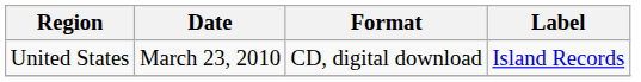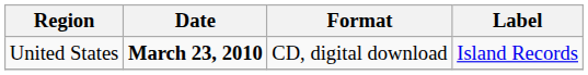 <table class="wikitable">
 <tr>
 <th>Region</th>
 <th>Date</th>
 <th>Format</th>
 <th>Label</th>
 </tr>
 <tr>
 <td>United States</td>
-<td>March 23, 2010</td>
+<td><strong>March 23, 2010</strong></td>
 <td>CD, digital download</td>
 <td><a href='#'>Island Records</a></td>
 </tr>
 <tr>
 </tr>
 </table>
